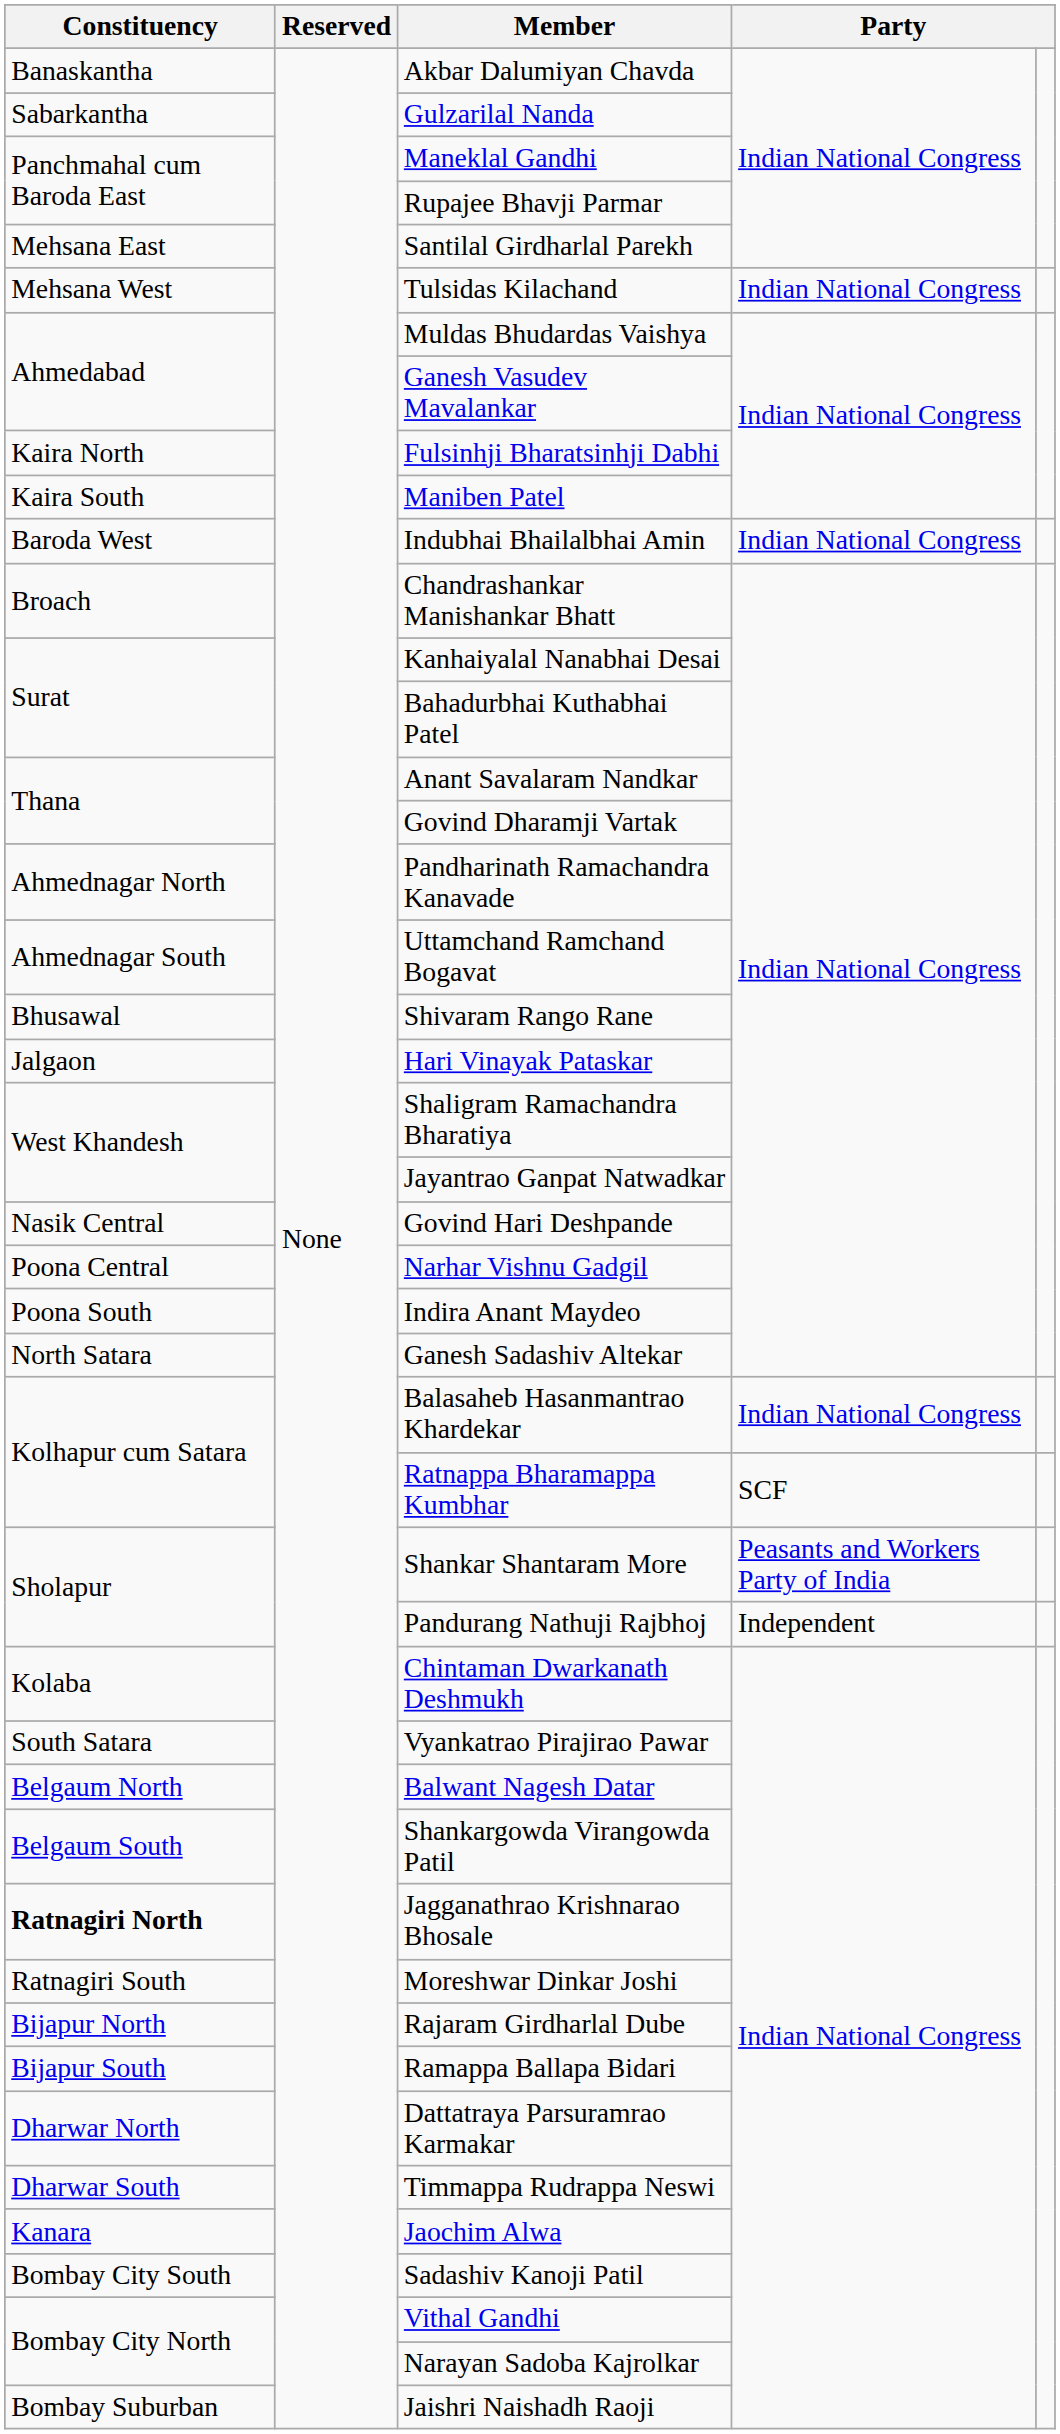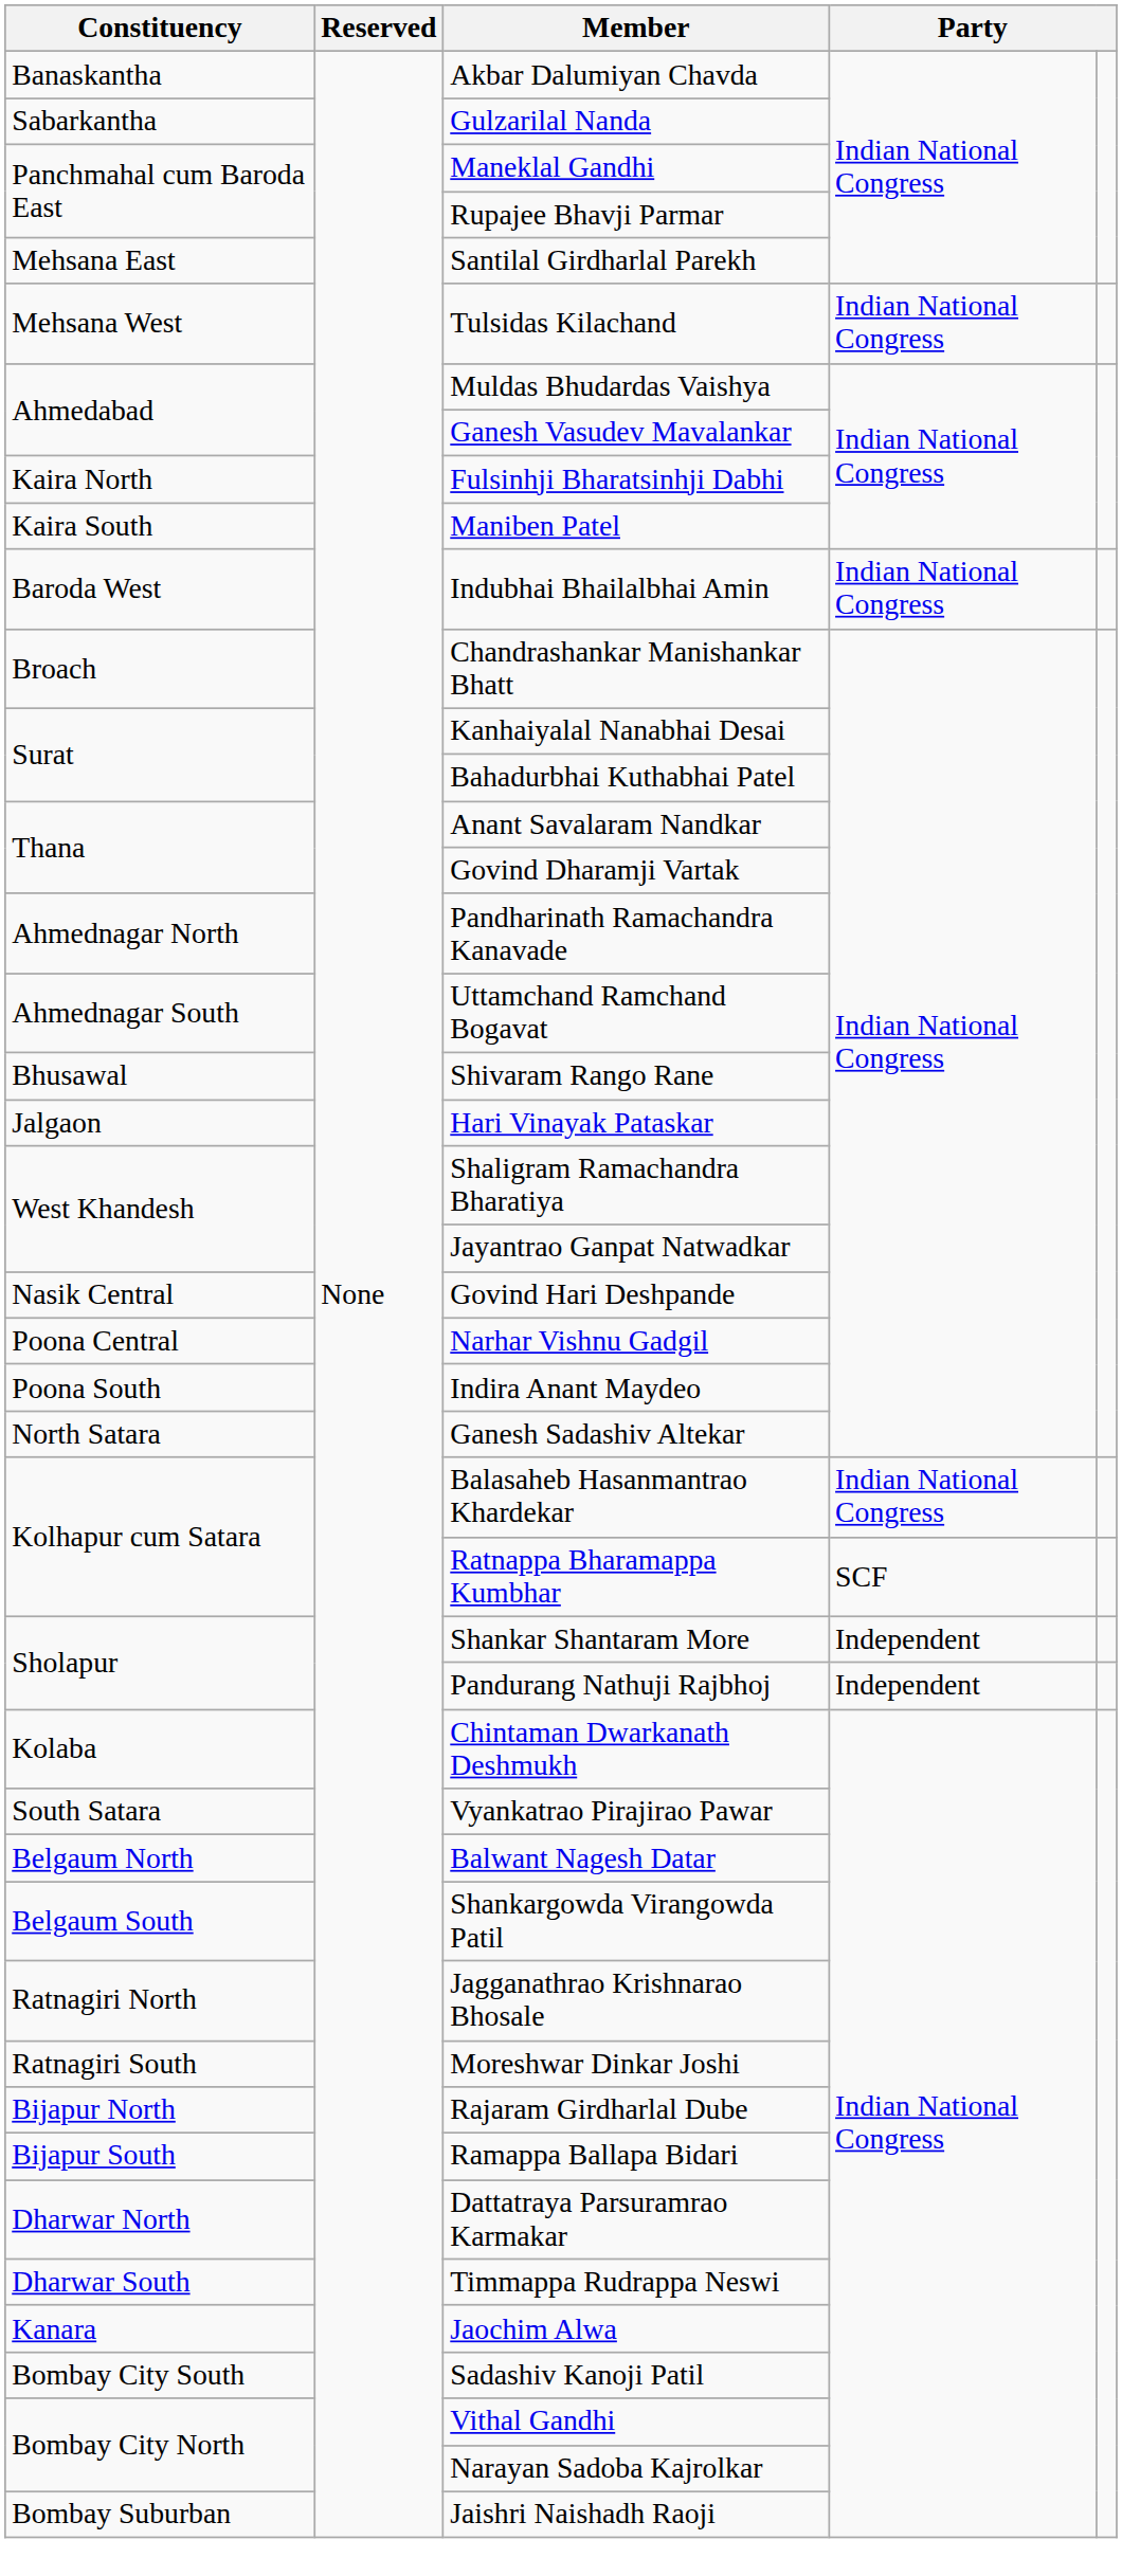 <table class="wikitable sortable">
 <tr>
 <th>Constituency</th>
 <th>Reserved</th>
 <th>Member</th>
 <th colspan=2>Party</th>
 </tr>
 <tr>
 <td>Banaskantha</td>
 <td rowspan=45>None</td>
 <td>Akbar Dalumiyan Chavda</td>
 <td rowspan=5><a href='#'>Indian National Congress</a></td>
 <td rowspan=5 width="4px" style="background-color: "></td>
 </tr>
 <tr>
 <td>Sabarkantha</td>
 <td><a href='#'>Gulzarilal Nanda</a></td>
 </tr>
 <tr>
 <td rowspan=2>Panchmahal cum Baroda East</td>
 <td><a href='#'>Maneklal Gandhi</a></td>
 </tr>
 <tr>
 <td>Rupajee Bhavji Parmar</td>
 </tr>
 <tr>
 <td>Mehsana East</td>
 <td>Santilal Girdharlal Parekh</td>
 </tr>
 <tr>
 <td>Mehsana West</td>
 <td>Tulsidas Kilachand</td>
 <td><a href='#'>Indian National Congress</a></td>
 <td></td>
 </tr>
 <tr>
 <td rowspan=2>Ahmedabad</td>
 <td>Muldas Bhudardas Vaishya</td>
 <td rowspan=4><a href='#'>Indian National Congress</a></td>
 <td rowspan=4 width="4px" style="background-color: "></td>
 </tr>
 <tr>
 <td><a href='#'>Ganesh Vasudev Mavalankar</a></td>
 </tr>
 <tr>
 <td>Kaira North</td>
 <td><a href='#'>Fulsinhji Bharatsinhji Dabhi</a></td>
 </tr>
 <tr>
 <td>Kaira South</td>
 <td><a href='#'>Maniben Patel</a></td>
 </tr>
 <tr>
 <td>Baroda West</td>
 <td>Indubhai Bhailalbhai Amin</td>
 <td><a href='#'>Indian National Congress</a></td>
 <td></td>
 </tr>
 <tr>
 <td>Broach</td>
 <td>Chandrashankar Manishankar Bhatt</td>
 <td rowspan=15><a href='#'>Indian National Congress</a></td>
 <td rowspan=15 width="4px" style="background-color: "></td>
 </tr>
 <tr>
 <td rowspan=2>Surat</td>
 <td>Kanhaiyalal Nanabhai Desai</td>
 </tr>
 <tr>
 <td>Bahadurbhai Kuthabhai Patel</td>
 </tr>
 <tr>
 <td rowspan=2>Thana</td>
 <td>Anant Savalaram Nandkar</td>
 </tr>
 <tr>
 <td>Govind Dharamji Vartak</td>
 </tr>
 <tr>
 <td>Ahmednagar North</td>
 <td>Pandharinath Ramachandra Kanavade</td>
 </tr>
 <tr>
 <td>Ahmednagar South</td>
 <td>Uttamchand Ramchand Bogavat</td>
 </tr>
 <tr>
 <td>Bhusawal</td>
 <td>Shivaram Rango Rane</td>
 </tr>
 <tr>
 <td>Jalgaon</td>
 <td><a href='#'>Hari Vinayak Pataskar</a></td>
 </tr>
 <tr>
 <td rowspan=2>West Khandesh</td>
 <td>Shaligram Ramachandra Bharatiya</td>
 </tr>
 <tr>
 <td>Jayantrao Ganpat Natwadkar</td>
 </tr>
 <tr>
 <td>Nasik Central</td>
 <td>Govind Hari Deshpande</td>
 </tr>
 <tr>
 <td>Poona Central</td>
 <td><a href='#'>Narhar Vishnu Gadgil</a></td>
 </tr>
 <tr>
 <td>Poona South</td>
 <td>Indira Anant Maydeo</td>
 </tr>
 <tr>
 <td>North Satara</td>
 <td>Ganesh Sadashiv Altekar</td>
 </tr>
 <tr>
 <td rowspan=2>Kolhapur cum Satara</td>
 <td>Balasaheb Hasanmantrao Khardekar</td>
 <td><a href='#'>Indian National Congress</a></td>
 <td></td>
 </tr>
 <tr>
 <td><a href='#'>Ratnappa Bharamappa Kumbhar</a></td>
 <td>SCF</td>
 <td width="4px" style="background-color: "></td>
 </tr>
 <tr>
 <td rowspan=2>Sholapur</td>
 <td>Shankar Shantaram More</td>
-<td><a href='#'>Peasants and Workers Party of India</a></td>
+<td>Independent</td>
 <td width="4px" style="background-color: "></td>
 </tr>
 <tr>
 <td>Pandurang Nathuji Rajbhoj</td>
 <td>Independent</td>
 <td></td>
 </tr>
 <tr>
 <td>Kolaba</td>
 <td><a href='#'>Chintaman Dwarkanath Deshmukh</a></td>
 <td rowspan=15><a href='#'>Indian National Congress</a></td>
 <td rowspan=15 width="4px" style="background-color: "></td>
 </tr>
 <tr>
 <td>South Satara</td>
 <td>Vyankatrao Pirajirao Pawar</td>
 </tr>
 <tr>
 <td><a href='#'>Belgaum North</a></td>
 <td><a href='#'>Balwant Nagesh Datar</a></td>
 </tr>
 <tr>
 <td><a href='#'>Belgaum South</a></td>
 <td>Shankargowda Virangowda Patil</td>
 </tr>
 <tr>
-<td><strong>Ratnagiri North</strong></td>
+<td>Ratnagiri North</td>
 <td>Jagganathrao Krishnarao Bhosale</td>
 </tr>
 <tr>
 <td>Ratnagiri South</td>
 <td>Moreshwar Dinkar Joshi</td>
 </tr>
 <tr>
 <td><a href='#'>Bijapur North</a></td>
 <td>Rajaram Girdharlal Dube</td>
 </tr>
 <tr>
 <td><a href='#'>Bijapur South</a></td>
 <td>Ramappa Ballapa Bidari</td>
 </tr>
 <tr>
 <td><a href='#'>Dharwar North</a></td>
 <td>Dattatraya Parsuramrao Karmakar</td>
 </tr>
 <tr>
 <td><a href='#'>Dharwar South</a></td>
 <td>Timmappa Rudrappa Neswi</td>
 </tr>
 <tr>
 <td><a href='#'>Kanara</a></td>
 <td><a href='#'>Jaochim Alwa</a></td>
 </tr>
 <tr>
 <td>Bombay City South</td>
 <td>Sadashiv Kanoji Patil</td>
 </tr>
 <tr>
 <td rowspan=2>Bombay City North</td>
 <td><a href='#'>Vithal Gandhi</a></td>
 </tr>
 <tr>
 <td>Narayan Sadoba Kajrolkar</td>
 </tr>
 <tr>
 <td>Bombay Suburban</td>
 <td>Jaishri Naishadh Raoji</td>
 </tr>
 </table>
